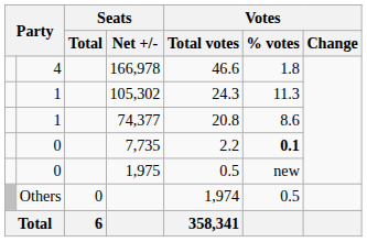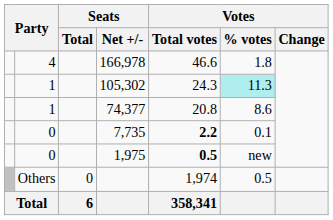 <table class="wikitable" style="text-align:right; font-size:95%;">
 <tr>
 <th colspan="2" rowspan="2">Party</th>
 <th colspan="2">Seats</th>
 <th colspan="3">Votes</th>
 </tr>
 <tr>
 <th>Total</th>
 <th>Net +/-</th>
 <th>Total votes</th>
 <th>% votes</th>
 <th>Change</th>
 </tr>
 <tr>
 <td></td>
 <td>4</td>
 <td></td>
 <td>166,978</td>
 <td>46.6</td>
 <td>1.8</td>
 </tr>
 <tr>
 <td></td>
 <td>1</td>
 <td></td>
 <td>105,302</td>
 <td>24.3</td>
-<td>11.3</td>
+<td style="background: paleturquoise;">11.3</td>
 </tr>
 <tr>
 <td></td>
 <td>1</td>
 <td></td>
 <td>74,377</td>
 <td>20.8</td>
 <td>8.6</td>
 </tr>
 <tr>
 <td></td>
 <td>0</td>
 <td></td>
 <td>7,735</td>
-<td>2.2</td>
-<td><strong>0.1</strong></td>
+<td><strong>2.2</strong></td>
+<td>0.1</td>
 </tr>
 <tr>
 <td></td>
 <td>0</td>
 <td></td>
 <td>1,975</td>
-<td>0.5</td>
+<td><strong>0.5</strong></td>
 <td>new</td>
 </tr>
 <tr>
 <td style="background:silver;"> </td>
 <td align=left>Others</td>
 <td>0</td>
 <td></td>
 <td>1,974</td>
 <td>0.5</td>
 <td></td>
 </tr>
 <tr>
 <th colspan="2" style="background:#f2f2f2">Total</th>
 <td style="background:#f2f2f2;"><strong>6</strong></td>
 <td style="background:#f2f2f2;"></td>
 <td style="background:#f2f2f2;"><strong>358,341</strong></td>
 <td style="background:#f2f2f2;"></td>
 <td style="background:#f2f2f2;"></td>
 </tr>
 </table>
